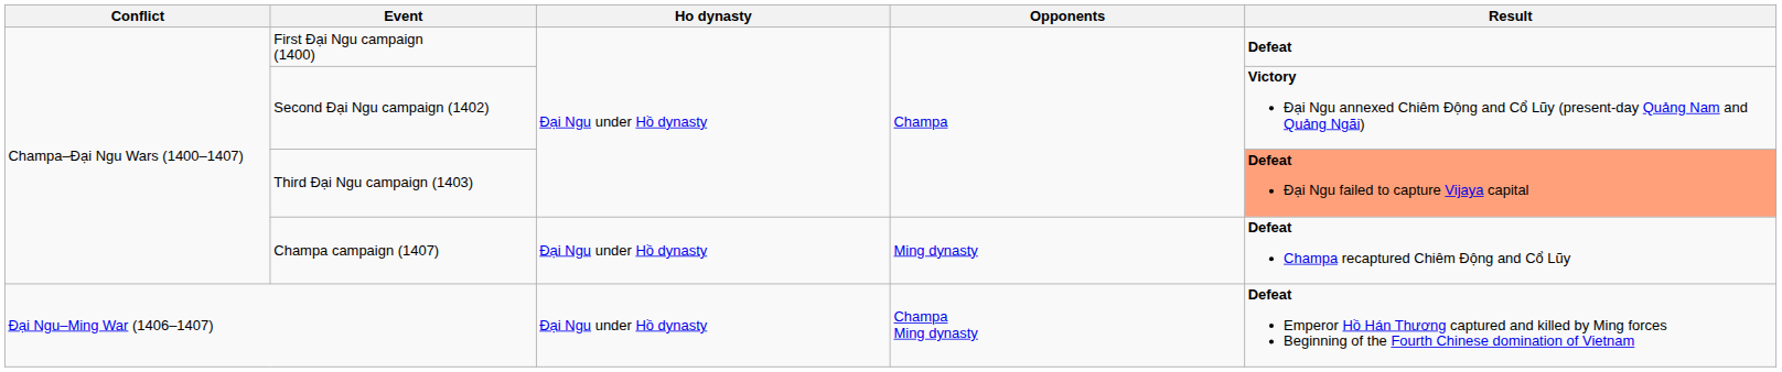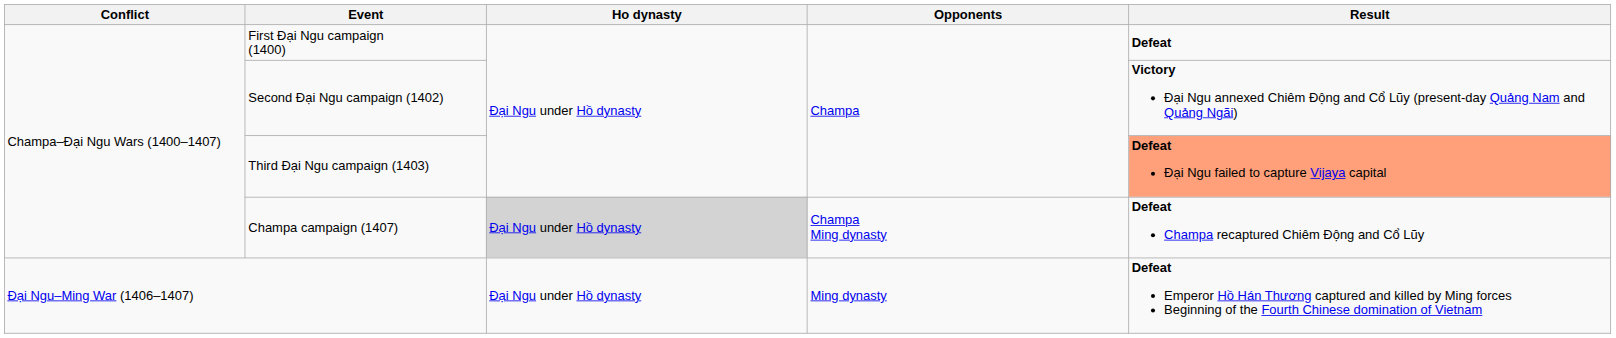 <table class="wikitable" width="100%">
 <tr>
 <th width="15%">Conflict</th>
 <th width="15%">Event</th>
 <th width="20%">Ho dynasty</th>
 <th width="20%">Opponents</th>
 <th width="30%">Result</th>
 </tr>
 <tr>
 <td rowspan = "4">Champa–Đại Ngu Wars (1400–1407)</td>
 <td>First Đại Ngu campaign<br>(1400)</td>
 <td rowspan = "3"><a href='#'>Đại Ngu</a> under <a href='#'>Hồ dynasty</a></td>
 <td rowspan = "3"><a href='#'>Champa</a></td>
 <td><strong>Defeat</strong></td>
 </tr>
 <tr>
 <td>Second Đại Ngu campaign (1402)</td>
 <td><strong>Victory</strong><br><ul><li>Đại Ngu annexed Chiêm Động and Cổ Lũy (present-day <a href='#'>Quảng Nam</a> and <a href='#'>Quảng Ngãi</a>)</li></ul></td>
 </tr>
 <tr>
 <td>Third Đại Ngu campaign (1403)</td>
 <td style="background: lightsalmon;"><strong>Defeat</strong><br><ul><li>Đại Ngu failed to capture <a href='#'>Vijaya</a> capital</li></ul></td>
 </tr>
 <tr>
 <td>Champa campaign (1407)</td>
-<td><a href='#'>Đại Ngu</a> under <a href='#'>Hồ dynasty</a></td>
-<td><a href='#'>Ming dynasty</a></td>
+<td style="background: lightgrey;"><a href='#'>Đại Ngu</a> under <a href='#'>Hồ dynasty</a></td>
+<td><a href='#'>Champa</a><br><a href='#'>Ming dynasty</a></td>
 <td><strong>Defeat</strong><br><ul><li><a href='#'>Champa</a> recaptured Chiêm Động and Cổ Lũy</li></ul></td>
 </tr>
 <tr>
 <td colspan = "2"><a href='#'>Đại Ngu–Ming War</a> (1406–1407)</td>
 <td><a href='#'>Đại Ngu</a> under <a href='#'>Hồ dynasty</a></td>
-<td><a href='#'>Champa</a><br><a href='#'>Ming dynasty</a></td>
+<td><a href='#'>Ming dynasty</a></td>
 <td><strong>Defeat</strong><br><ul><li>Emperor <a href='#'>Hồ Hán Thương</a> captured and killed by Ming forces</li><li>Beginning of the <a href='#'>Fourth Chinese domination of Vietnam</a></li></ul></td>
 </tr>
 </table>
